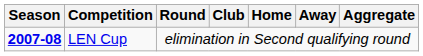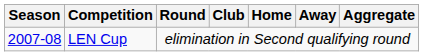 <table class="wikitable" style="text-align: left;">
 <tr>
 <th>Season</th>
 <th>Competition</th>
 <th>Round</th>
 <th>Club</th>
 <th>Home</th>
 <th>Away</th>
 <th>Aggregate</th>
 </tr>
 <tr>
-<td rowspan=1><strong><a href='#'>2007-08</a></strong></td>
+<td rowspan=1><a href='#'>2007-08</a></td>
 <td rowspan=1><a href='#'>LEN Cup</a></td>
 <td colspan=5; align="center"><em>elimination in Second qualifying round</em></td>
 </tr>
 </table>
